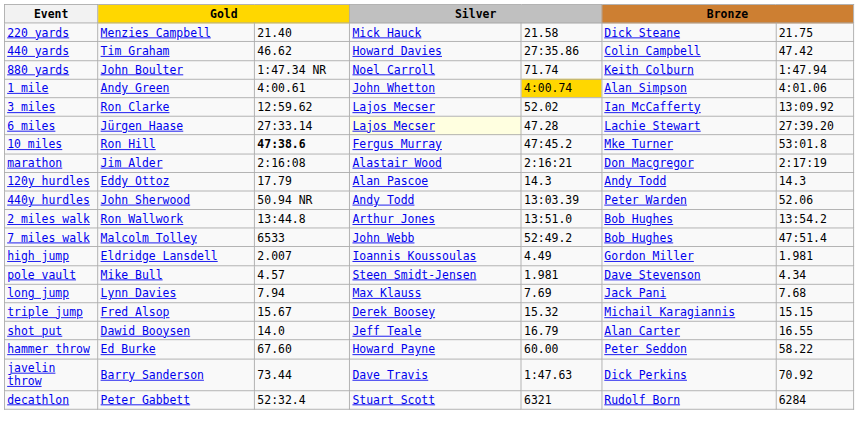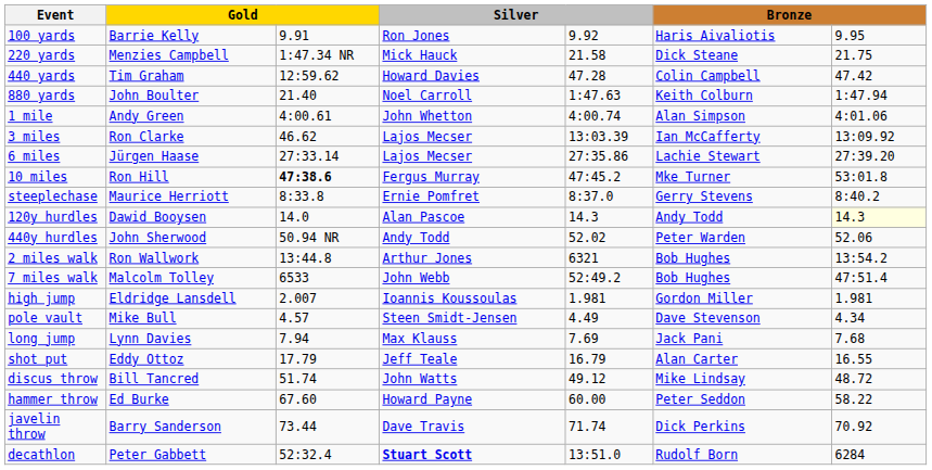 <table class="wikitable" style="text-align:left">
 <tr>
 <th width=100>Event</th>
 <th colspan="2" width="280" style="background:gold;">Gold</th>
 <th colspan="2" width="280" style="background:silver;">Silver</th>
 <th colspan="2" width="280" style="background:#CD7F32;">Bronze</th>
 </tr>
 <tr>
+<td><a href='#'>100 yards</a></td>
+<td><a href='#'>Barrie Kelly</a></td>
+<td>9.91</td>
+<td> <a href='#'>Ron Jones</a></td>
+<td>9.92</td>
+<td> <a href='#'>Haris Aivaliotis</a></td>
+<td>9.95</td>
+</tr>
+<tr>
 <td><a href='#'>220 yards</a></td>
 <td> <a href='#'>Menzies Campbell</a></td>
-<td>21.40</td>
+<td>1:47.34 NR</td>
 <td><a href='#'>Mick Hauck</a></td>
 <td>21.58</td>
 <td><a href='#'>Dick Steane</a></td>
 <td>21.75</td>
 </tr>
 <tr>
 <td><a href='#'>440 yards</a></td>
 <td><a href='#'>Tim Graham</a></td>
-<td>46.62</td>
+<td>12:59.62</td>
 <td> <a href='#'>Howard Davies</a></td>
-<td>27:35.86</td>
+<td>47.28</td>
 <td><a href='#'>Colin Campbell</a></td>
 <td>47.42</td>
 </tr>
 <tr>
 <td><a href='#'>880 yards</a></td>
 <td><a href='#'>John Boulter</a></td>
-<td>1:47.34 NR</td>
+<td>21.40</td>
 <td> <a href='#'>Noel Carroll</a></td>
-<td>71.74</td>
+<td>1:47.63</td>
 <td> <a href='#'>Keith Colburn</a></td>
 <td>1:47.94</td>
 </tr>
 <tr>
 <td><a href='#'>1 mile</a></td>
 <td><a href='#'>Andy Green</a></td>
 <td>4:00.61</td>
 <td><a href='#'>John Whetton</a></td>
-<td style="background: gold;">4:00.74</td>
+<td>4:00.74</td>
 <td><a href='#'>Alan Simpson</a></td>
 <td>4:01.06</td>
 </tr>
 <tr>
 <td><a href='#'>3 miles</a></td>
 <td> <a href='#'>Ron Clarke</a></td>
-<td>12:59.62</td>
+<td>46.62</td>
 <td> <a href='#'>Lajos Mecser</a></td>
-<td>52.02</td>
+<td>13:03.39</td>
 <td> <a href='#'>Ian McCafferty</a></td>
 <td>13:09.92</td>
 </tr>
 <tr>
 <td><a href='#'>6 miles</a></td>
 <td> <a href='#'>Jürgen Haase</a></td>
 <td>27:33.14</td>
-<td style="background: lightyellow;"> <a href='#'>Lajos Mecser</a></td>
-<td>47.28</td>
+<td> <a href='#'>Lajos Mecser</a></td>
+<td>27:35.86</td>
 <td> <a href='#'>Lachie Stewart</a></td>
 <td>27:39.20</td>
 </tr>
 <tr>
 <td><a href='#'>10 miles</a></td>
 <td><a href='#'>Ron Hill</a></td>
 <td><strong>47:38.6</strong></td>
 <td> <a href='#'>Fergus Murray</a></td>
 <td>47:45.2</td>
 <td><a href='#'>Mke Turner</a></td>
 <td>53:01.8</td>
 </tr>
 <tr>
-<td><a href='#'>marathon</a></td>
-<td> <a href='#'>Jim Alder</a></td>
-<td>2:16:08</td>
-<td> <a href='#'>Alastair Wood</a></td>
-<td>2:16:21</td>
-<td> <a href='#'>Don Macgregor</a></td>
-<td>2:17:19</td>
+<td><a href='#'>steeplechase</a></td>
+<td><a href='#'>Maurice Herriott</a></td>
+<td>8:33.8</td>
+<td><a href='#'>Ernie Pomfret</a></td>
+<td>8:37.0</td>
+<td><a href='#'>Gerry Stevens</a></td>
+<td>8:40.2</td>
 </tr>
 <tr>
 <td><a href='#'>120y hurdles</a></td>
-<td> <a href='#'>Eddy Ottoz</a></td>
-<td>17.79</td>
+<td> <a href='#'>Dawid Booysen</a></td>
+<td>14.0</td>
 <td><a href='#'>Alan Pascoe</a></td>
 <td>14.3</td>
 <td><a href='#'>Andy Todd</a></td>
-<td>14.3</td>
+<td style="background: lightyellow;">14.3</td>
 </tr>
 <tr>
 <td><a href='#'>440y hurdles</a></td>
 <td><a href='#'>John Sherwood</a></td>
 <td>50.94 NR</td>
 <td><a href='#'>Andy Todd</a></td>
-<td>13:03.39</td>
+<td>52.02</td>
 <td><a href='#'>Peter Warden</a></td>
 <td>52.06</td>
 </tr>
 <tr>
 <td><a href='#'>2 miles walk</a></td>
 <td><a href='#'>Ron Wallwork</a></td>
 <td>13:44.8</td>
 <td><a href='#'>Arthur Jones</a></td>
-<td>13:51.0</td>
+<td>6321</td>
 <td><a href='#'>Bob Hughes</a></td>
 <td>13:54.2</td>
 </tr>
 <tr>
 <td><a href='#'>7 miles walk</a></td>
 <td><a href='#'>Malcolm Tolley</a></td>
 <td>6533</td>
 <td><a href='#'>John Webb</a></td>
 <td>52:49.2</td>
 <td><a href='#'>Bob Hughes</a></td>
 <td>47:51.4</td>
 </tr>
 <tr>
 <td><a href='#'>high jump</a></td>
 <td> <a href='#'>Eldridge Lansdell</a></td>
 <td>2.007</td>
 <td> <a href='#'>Ioannis Koussoulas</a></td>
-<td>4.49</td>
+<td>1.981</td>
 <td><a href='#'>Gordon Miller</a></td>
 <td>1.981</td>
 </tr>
 <tr>
 <td><a href='#'>pole vault</a></td>
 <td><a href='#'>Mike Bull</a></td>
 <td>4.57</td>
 <td> <a href='#'>Steen Smidt-Jensen</a></td>
-<td>1.981</td>
+<td>4.49</td>
 <td> <a href='#'>Dave Stevenson</a></td>
 <td>4.34</td>
 </tr>
 <tr>
 <td><a href='#'>long jump</a></td>
 <td> <a href='#'>Lynn Davies</a></td>
 <td>7.94</td>
 <td> <a href='#'>Max Klauss</a></td>
 <td>7.69</td>
 <td> <a href='#'>Jack Pani</a></td>
 <td>7.68</td>
 </tr>
 <tr>
-<td><a href='#'>triple jump</a></td>
-<td><a href='#'>Fred Alsop</a></td>
-<td>15.67</td>
-<td><a href='#'>Derek Boosey</a></td>
-<td>15.32</td>
-<td> <a href='#'>Michail Karagiannis</a></td>
-<td>15.15</td>
-</tr>
-<tr>
 <td><a href='#'>shot put</a></td>
-<td> <a href='#'>Dawid Booysen</a></td>
-<td>14.0</td>
+<td> <a href='#'>Eddy Ottoz</a></td>
+<td>17.79</td>
 <td><a href='#'>Jeff Teale</a></td>
 <td>16.79</td>
 <td><a href='#'>Alan Carter</a></td>
 <td>16.55</td>
+</tr>
+<tr>
+<td><a href='#'>discus throw</a></td>
+<td><a href='#'>Bill Tancred</a></td>
+<td>51.74</td>
+<td><a href='#'>John Watts</a></td>
+<td>49.12</td>
+<td> <a href='#'>Mike Lindsay</a></td>
+<td>48.72</td>
 </tr>
 <tr>
 <td><a href='#'>hammer throw</a></td>
 <td> <a href='#'>Ed Burke</a></td>
 <td>67.60</td>
 <td><a href='#'>Howard Payne</a></td>
 <td>60.00</td>
 <td><a href='#'>Peter Seddon</a></td>
 <td>58.22</td>
 </tr>
 <tr>
 <td><a href='#'>javelin throw</a></td>
 <td><a href='#'>Barry Sanderson</a></td>
 <td>73.44</td>
 <td><a href='#'>Dave Travis</a></td>
-<td>1:47.63</td>
+<td>71.74</td>
 <td><a href='#'>Dick Perkins</a></td>
 <td>70.92</td>
 </tr>
 <tr>
 <td><a href='#'>decathlon</a></td>
 <td><a href='#'>Peter Gabbett</a></td>
 <td>52:32.4</td>
-<td><a href='#'>Stuart Scott</a></td>
-<td>6321</td>
+<td><strong><a href='#'>Stuart Scott</a></strong></td>
+<td>13:51.0</td>
 <td> <a href='#'>Rudolf Born</a></td>
 <td>6284</td>
 </tr>
 </table>
